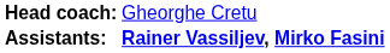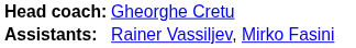 <table>
 <tr>
 <td><strong>Head coach:</strong></td>
 <td><a href='#'>Gheorghe Cretu</a></td>
 </tr>
 <tr>
 <td><strong>Assistants:</strong></td>
-<td><strong><a href='#'>Rainer Vassiljev</a>, <a href='#'>Mirko Fasini</a></strong></td>
+<td><a href='#'>Rainer Vassiljev</a>, <a href='#'>Mirko Fasini</a></td>
 </tr>
 </table>
